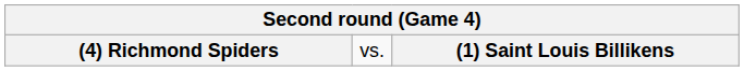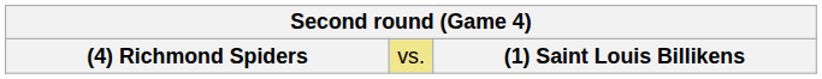 <table class="wikitable">
 <tr>
 <th style="width: 594px;" colspan=3>Second round (Game 4)</th>
 </tr>
 <tr>
 <th style="width: 284px; ">(4) Richmond Spiders</th>
-<td style="width: 25px; text-align:center">vs.</td>
+<td style="background: khaki; width: 25px; text-align:center">vs.</td>
 <th style="width: 284px; ">(1) Saint Louis Billikens</th>
 </tr>
 </table>
